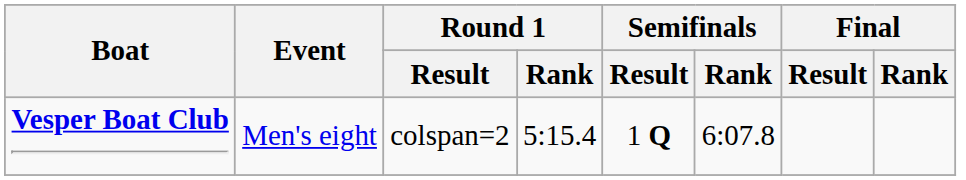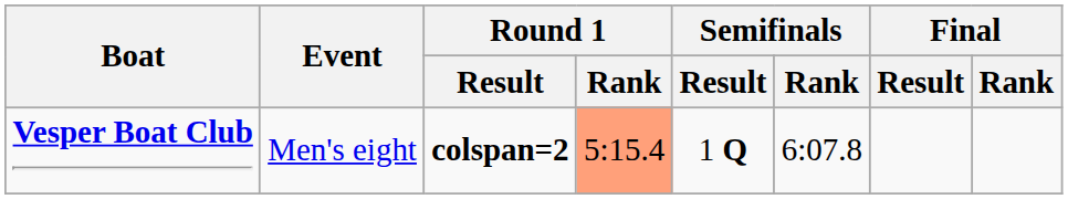 <table class=wikitable>
 <tr>
 <th rowspan=2>Boat</th>
 <th rowspan=2>Event</th>
 <th colspan=2>Round 1</th>
 <th colspan=2>Semifinals</th>
 <th colspan=2>Final</th>
 </tr>
 <tr>
 <th>Result</th>
 <th>Rank</th>
 <th>Result</th>
 <th>Rank</th>
 <th>Result</th>
 <th>Rank</th>
 </tr>
 <tr align=center>
 <td align=left><strong><a href='#'>Vesper Boat Club</a> <hr> </strong></td>
 <td><a href='#'>Men's eight</a></td>
-<td>colspan=2 </td>
-<td>5:15.4</td>
+<td><strong>colspan=2 </strong></td>
+<td style="background: lightsalmon;">5:15.4</td>
 <td>1 <strong>Q</strong></td>
 <td>6:07.8</td>
 <td></td>
 </tr>
 </table>
